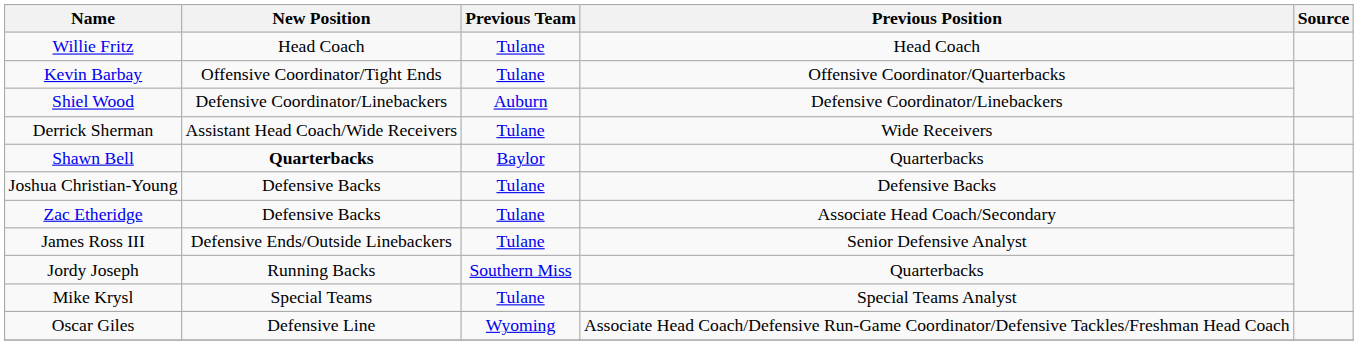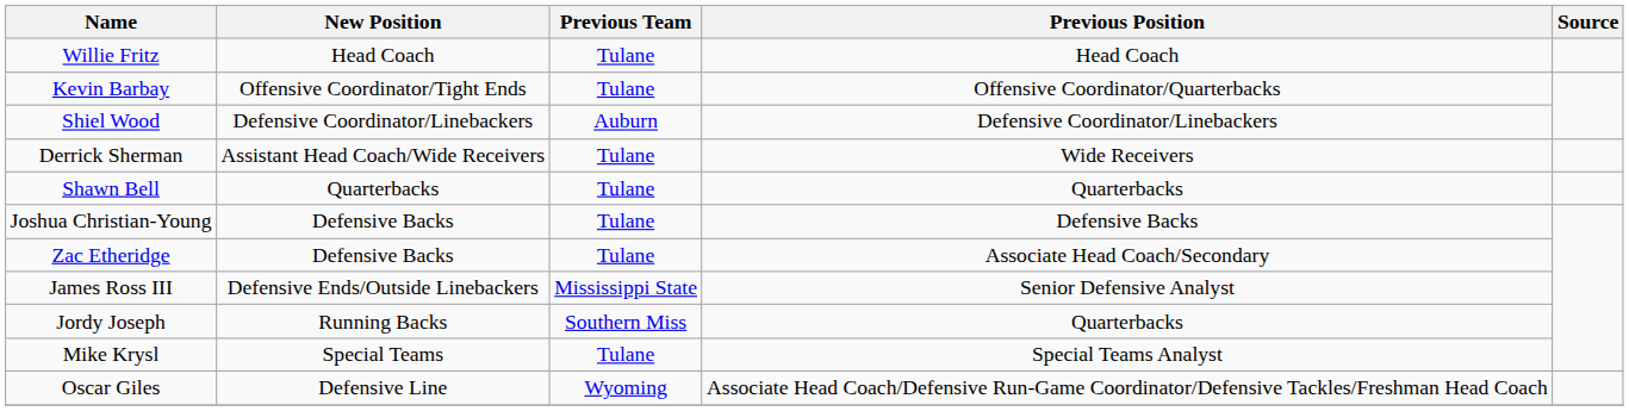 <table class="wikitable">
 <tr>
 <th style="text-align:center; ">Name</th>
 <th style="text-align:center; ">New Position</th>
 <th style="text-align:center; ">Previous Team</th>
 <th style="text-align:center; ">Previous Position</th>
 <th style="text-align:center; ">Source</th>
 </tr>
 <tr align="center">
 <td><a href='#'>Willie Fritz</a></td>
 <td>Head Coach</td>
 <td><a href='#'>Tulane</a></td>
 <td>Head Coach</td>
 <td></td>
 </tr>
 <tr align="center">
 <td><a href='#'>Kevin Barbay</a></td>
 <td>Offensive Coordinator/Tight Ends</td>
 <td><a href='#'>Tulane</a></td>
 <td>Offensive Coordinator/Quarterbacks</td>
 <td rowspan="2"></td>
 </tr>
 <tr align="center">
 <td><a href='#'>Shiel Wood</a></td>
 <td>Defensive Coordinator/Linebackers</td>
 <td><a href='#'>Auburn</a></td>
 <td>Defensive Coordinator/Linebackers</td>
 </tr>
 <tr align="center">
 <td>Derrick Sherman</td>
 <td>Assistant Head Coach/Wide Receivers</td>
 <td><a href='#'>Tulane</a></td>
 <td>Wide Receivers</td>
 <td></td>
 </tr>
 <tr align="center">
 <td><a href='#'>Shawn Bell</a></td>
-<td><strong>Quarterbacks</strong></td>
-<td><a href='#'>Baylor</a></td>
+<td>Quarterbacks</td>
+<td><a href='#'>Tulane</a></td>
 <td>Quarterbacks</td>
 <td></td>
 </tr>
 <tr align="center">
 <td>Joshua Christian-Young</td>
 <td>Defensive Backs</td>
 <td><a href='#'>Tulane</a></td>
 <td>Defensive Backs</td>
 <td rowspan="5"></td>
 </tr>
 <tr align="center">
 <td><a href='#'>Zac Etheridge</a></td>
 <td>Defensive Backs</td>
 <td><a href='#'>Tulane</a></td>
 <td>Associate Head Coach/Secondary</td>
 </tr>
 <tr align="center">
 <td>James Ross III</td>
 <td>Defensive Ends/Outside Linebackers</td>
-<td><a href='#'>Tulane</a></td>
+<td><a href='#'>Mississippi State</a></td>
 <td>Senior Defensive Analyst</td>
 </tr>
 <tr align="center">
 <td>Jordy Joseph</td>
 <td>Running Backs</td>
 <td><a href='#'>Southern Miss</a></td>
 <td>Quarterbacks</td>
 </tr>
 <tr align="center">
 <td>Mike Krysl</td>
 <td>Special Teams</td>
 <td><a href='#'>Tulane</a></td>
 <td>Special Teams Analyst</td>
 </tr>
 <tr align="center">
 <td>Oscar Giles</td>
 <td>Defensive Line</td>
 <td><a href='#'>Wyoming</a></td>
 <td>Associate Head Coach/Defensive Run-Game Coordinator/Defensive Tackles/Freshman Head Coach</td>
 <td></td>
 </tr>
 <tr>
 </tr>
 </table>
